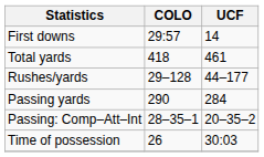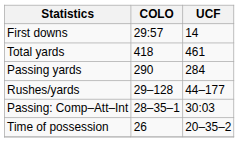 <table class="wikitable" style="float: left;">
 <tr>
 <th>Statistics</th>
 <th>COLO</th>
 <th>UCF</th>
 </tr>
 <tr>
 <td>First downs</td>
 <td>29:57</td>
 <td>14</td>
 </tr>
 <tr>
 <td>Total yards</td>
 <td>418</td>
 <td>461</td>
 </tr>
 <tr>
+<td>Passing yards</td>
+<td>290</td>
+<td>284</td>
+</tr>
+<tr>
 <td>Rushes/yards</td>
 <td>29–128</td>
 <td>44–177</td>
 </tr>
 <tr>
-<td>Passing yards</td>
-<td>290</td>
-<td>284</td>
-</tr>
-<tr>
 <td>Passing: Comp–Att–Int</td>
 <td>28–35–1</td>
-<td>20–35–2</td>
+<td>30:03</td>
 </tr>
 <tr>
 <td>Time of possession</td>
 <td>26</td>
-<td>30:03</td>
+<td>20–35–2</td>
 </tr>
 <tr>
 </tr>
 </table>
